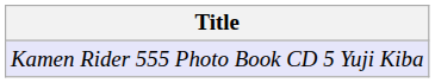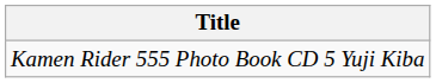 <table class="wikitable">
 <tr>
 <th>Title</th>
 </tr>
 <tr>
-<td style="background: lavender;"><em>Kamen Rider 555 Photo Book CD 5 Yuji Kiba</em></td>
+<td><em>Kamen Rider 555 Photo Book CD 5 Yuji Kiba</em></td>
 </tr>
 </table>
